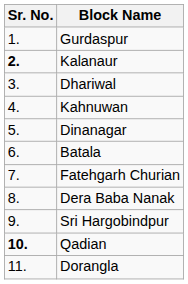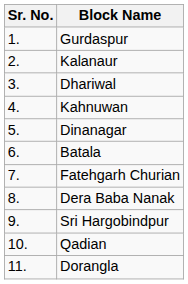 <table class="wikitable sortable">
 <tr>
 <th bgcolor="#99ccff">Sr. No.</th>
 <th bgcolor="#99ccff">Block Name</th>
 </tr>
 <tr>
 <td>1.</td>
 <td>Gurdaspur</td>
 </tr>
 <tr>
-<td><strong>2.</strong></td>
+<td>2.</td>
 <td>Kalanaur</td>
 </tr>
 <tr>
 <td>3.</td>
 <td>Dhariwal</td>
 </tr>
 <tr>
 <td>4.</td>
 <td>Kahnuwan</td>
 </tr>
 <tr>
 <td>5.</td>
 <td>Dinanagar</td>
 </tr>
 <tr>
 <td>6.</td>
 <td>Batala</td>
 </tr>
 <tr>
 <td>7.</td>
 <td>Fatehgarh Churian</td>
 </tr>
 <tr>
 <td>8.</td>
 <td>Dera Baba Nanak</td>
 </tr>
 <tr>
 <td>9.</td>
 <td>Sri Hargobindpur</td>
 </tr>
 <tr>
-<td><strong>10.</strong></td>
+<td>10.</td>
 <td>Qadian</td>
 </tr>
 <tr>
 <td>11.</td>
 <td>Dorangla</td>
 </tr>
 </table>
